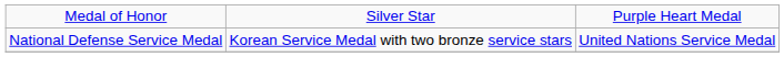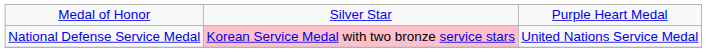 <table class="wikitable" style="margin:1em auto; text-align:center;">
 <tr>
 <td><a href='#'>Medal of Honor</a></td>
 <td><a href='#'>Silver Star</a></td>
 <td><a href='#'>Purple Heart Medal</a></td>
 </tr>
 <tr>
 <td><a href='#'>National Defense Service Medal</a></td>
-<td><a href='#'>Korean Service Medal</a> with two bronze <a href='#'>service stars</a></td>
+<td style="background: pink;"><a href='#'>Korean Service Medal</a> with two bronze <a href='#'>service stars</a></td>
 <td><a href='#'>United Nations Service Medal</a></td>
 </tr>
 <tr>
 </tr>
 </table>
